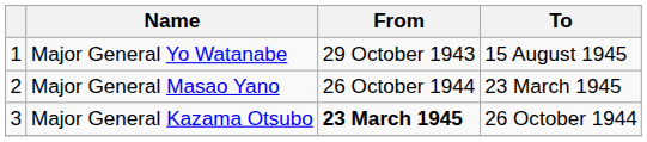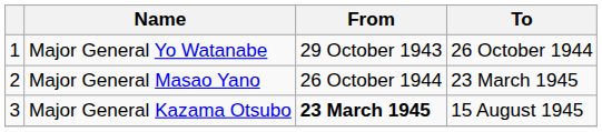 <table class=wikitable>
 <tr>
 <th></th>
 <th>Name</th>
 <th>From</th>
 <th>To</th>
 </tr>
 <tr>
 <td>1</td>
 <td>Major General <a href='#'>Yo Watanabe</a></td>
 <td>29 October 1943</td>
-<td>15 August 1945</td>
+<td>26 October 1944</td>
 </tr>
 <tr>
 <td>2</td>
 <td>Major General <a href='#'>Masao Yano</a></td>
 <td>26 October 1944</td>
 <td>23 March 1945</td>
 </tr>
 <tr>
 <td>3</td>
 <td>Major General <a href='#'>Kazama Otsubo</a></td>
 <td><strong>23 March 1945</strong></td>
-<td>26 October 1944</td>
+<td>15 August 1945</td>
 </tr>
 <tr>
 </tr>
 </table>
